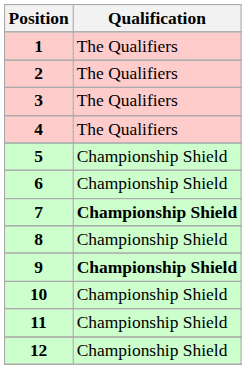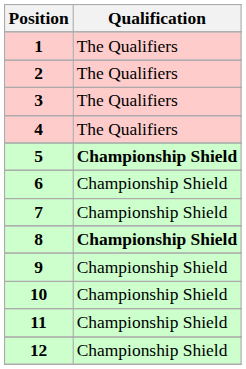 <table class="wikitable" style="text-align:center;">
 <tr>
 <th>Position</th>
 <th>Qualification</th>
 </tr>
 <tr --->
 </tr>
 <tr align=center style="background:#FFCCCC">
 <td><strong>1</strong></td>
 <td style="text-align:left;">The Qualifiers</td>
 </tr>
 <tr --->
 </tr>
 <tr align=center style="background:#FFCCCC;">
 <td><strong>2</strong></td>
 <td style="text-align:left">The Qualifiers</td>
 </tr>
 <tr --->
 </tr>
 <tr align=center style="background:#FFCCCC">
 <td><strong>3</strong></td>
 <td style="text-align:left;">The Qualifiers</td>
 </tr>
 <tr --->
 </tr>
 <tr align=center style="background:#FFCCCC;">
 <td><strong>4</strong></td>
 <td style="text-align:left;">The Qualifiers</td>
 </tr>
 <tr --->
 </tr>
 <tr align=center style="background:#ccffcc;">
 <td><strong>5</strong></td>
-<td style="text-align:left;">Championship Shield</td>
+<td style="text-align:left;"><strong>Championship Shield</strong></td>
 </tr>
 <tr --->
 </tr>
 <tr align=center style="background:#ccffcc;">
 <td><strong>6</strong></td>
 <td style="text-align:left;">Championship Shield</td>
 </tr>
 <tr --->
 </tr>
 <tr align=center style="background:#ccffcc;">
 <td><strong>7</strong></td>
+<td style="text-align:left;">Championship Shield</td>
+</tr>
+<tr --->
+</tr>
+<tr align=center style="background:#ccffcc;">
+<td><strong>8</strong></td>
 <td style="text-align:left;"><strong>Championship Shield</strong></td>
 </tr>
 <tr --->
 </tr>
 <tr align=center style="background:#ccffcc;">
-<td><strong>8</strong></td>
+<td><strong>9</strong></td>
 <td style="text-align:left;">Championship Shield</td>
-</tr>
-<tr --->
-</tr>
-<tr align=center style="background:#ccffcc;">
-<td><strong>9</strong></td>
-<td style="text-align:left;"><strong>Championship Shield</strong></td>
 </tr>
 <tr --->
 </tr>
 <tr align=center style="background:#ccffcc;">
 <td><strong>10</strong></td>
 <td style="text-align:left;">Championship Shield</td>
 </tr>
 <tr --->
 </tr>
 <tr align=center style="background:#ccffcc;">
 <td><strong>11</strong></td>
 <td style="text-align:left;">Championship Shield</td>
 </tr>
 <tr --->
 </tr>
 <tr align=center style="background:#ccffcc;">
 <td><strong>12</strong></td>
 <td style="text-align:left;">Championship Shield</td>
 </tr>
 <tr --->
 </tr>
 </table>
